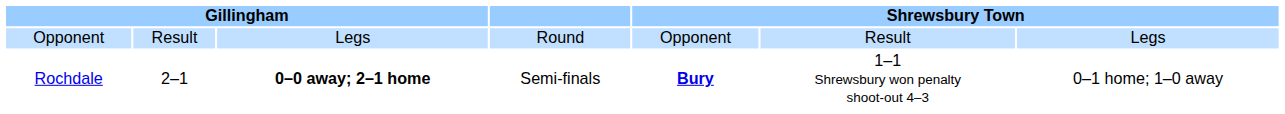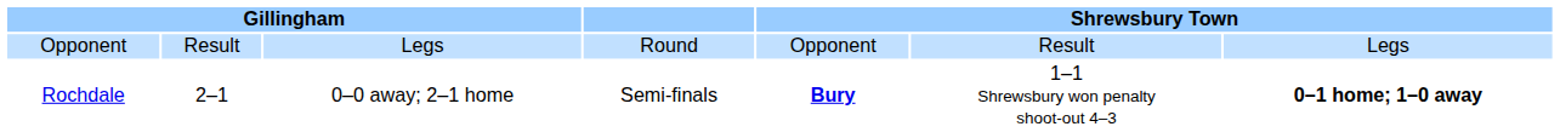 <table width="100%" bgcolor=white>
 <tr valign=top bgcolor=#99ccff>
 <th colspan=3 style="width:1*"><strong>Gillingham</strong></th>
 <th></th>
 <th colspan=3 style="width:1*"><strong>Shrewsbury Town</strong></th>
 </tr>
 <tr valign=top align="center" bgcolor=#c1e0ff>
 <td>Opponent</td>
 <td>Result</td>
 <td>Legs</td>
 <td>Round</td>
 <td>Opponent</td>
 <td>Result</td>
 <td>Legs</td>
 </tr>
 <tr align="center">
 <td><a href='#'>Rochdale</a></td>
 <td>2–1</td>
-<td><strong>0–0 away; 2–1 home</strong></td>
+<td>0–0 away; 2–1 home</td>
 <td>Semi-finals</td>
 <td><strong><a href='#'>Bury</a></strong></td>
 <td>1–1<br><small>Shrewsbury won penalty<br>shoot-out 4–3</small></td>
-<td>0–1 home; 1–0 away</td>
+<td><strong>0–1 home; 1–0 away</strong></td>
 </tr>
 </table>
